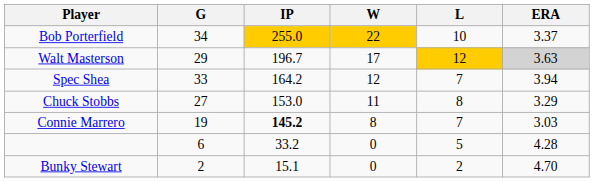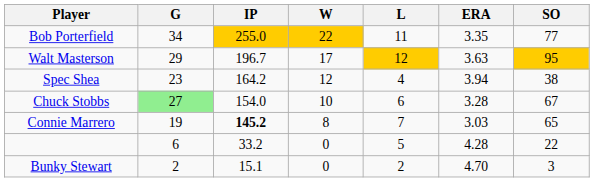 <table class="wikitable sortable">
 <tr>
 <th bgcolor="#DDDDFF" width="16%">Player</th>
 <th bgcolor="#DDDDFF" width="9%">G</th>
 <th bgcolor="#DDDDFF" width="9%">IP</th>
 <th bgcolor="#DDDDFF" width="9%">W</th>
 <th bgcolor="#DDDDFF" width="9%">L</th>
 <th bgcolor="#DDDDFF" width="9%">ERA</th>
+<th bgcolor="#DDDDFF" width="9%">SO</th>
 </tr>
 <tr align="center">
 <td><a href='#'>Bob Porterfield</a></td>
 <td>34</td>
 <td style="background:#fc0;">255.0</td>
 <td style="background:#fc0;">22</td>
-<td>10</td>
-<td>3.37</td>
+<td>11</td>
+<td>3.35</td>
+<td>77</td>
 </tr>
 <tr align="center">
 <td><a href='#'>Walt Masterson</a></td>
 <td>29</td>
 <td>196.7</td>
 <td>17</td>
 <td style="background:#fc0;">12</td>
-<td style="background: lightgrey;">3.63</td>
+<td>3.63</td>
+<td style="background:#fc0;">95</td>
 </tr>
 <tr align="center">
 <td><a href='#'>Spec Shea</a></td>
-<td>33</td>
+<td>23</td>
 <td>164.2</td>
 <td>12</td>
-<td>7</td>
+<td>4</td>
 <td>3.94</td>
+<td>38</td>
 </tr>
 <tr align="center">
 <td><a href='#'>Chuck Stobbs</a></td>
-<td>27</td>
-<td>153.0</td>
-<td>11</td>
-<td>8</td>
-<td>3.29</td>
+<td style="background: lightgreen;">27</td>
+<td>154.0</td>
+<td>10</td>
+<td>6</td>
+<td>3.28</td>
+<td>67</td>
 </tr>
 <tr align="center">
 <td><a href='#'>Connie Marrero</a></td>
 <td>19</td>
 <td><strong>145.2</strong></td>
 <td>8</td>
 <td>7</td>
 <td>3.03</td>
+<td>65</td>
 </tr>
 <tr align="center">
 <td></td>
 <td>6</td>
 <td>33.2</td>
 <td>0</td>
 <td>5</td>
 <td>4.28</td>
+<td>22</td>
 </tr>
 <tr align="center">
 <td><a href='#'>Bunky Stewart</a></td>
 <td>2</td>
 <td>15.1</td>
 <td>0</td>
 <td>2</td>
 <td>4.70</td>
+<td>3</td>
 </tr>
 </table>
